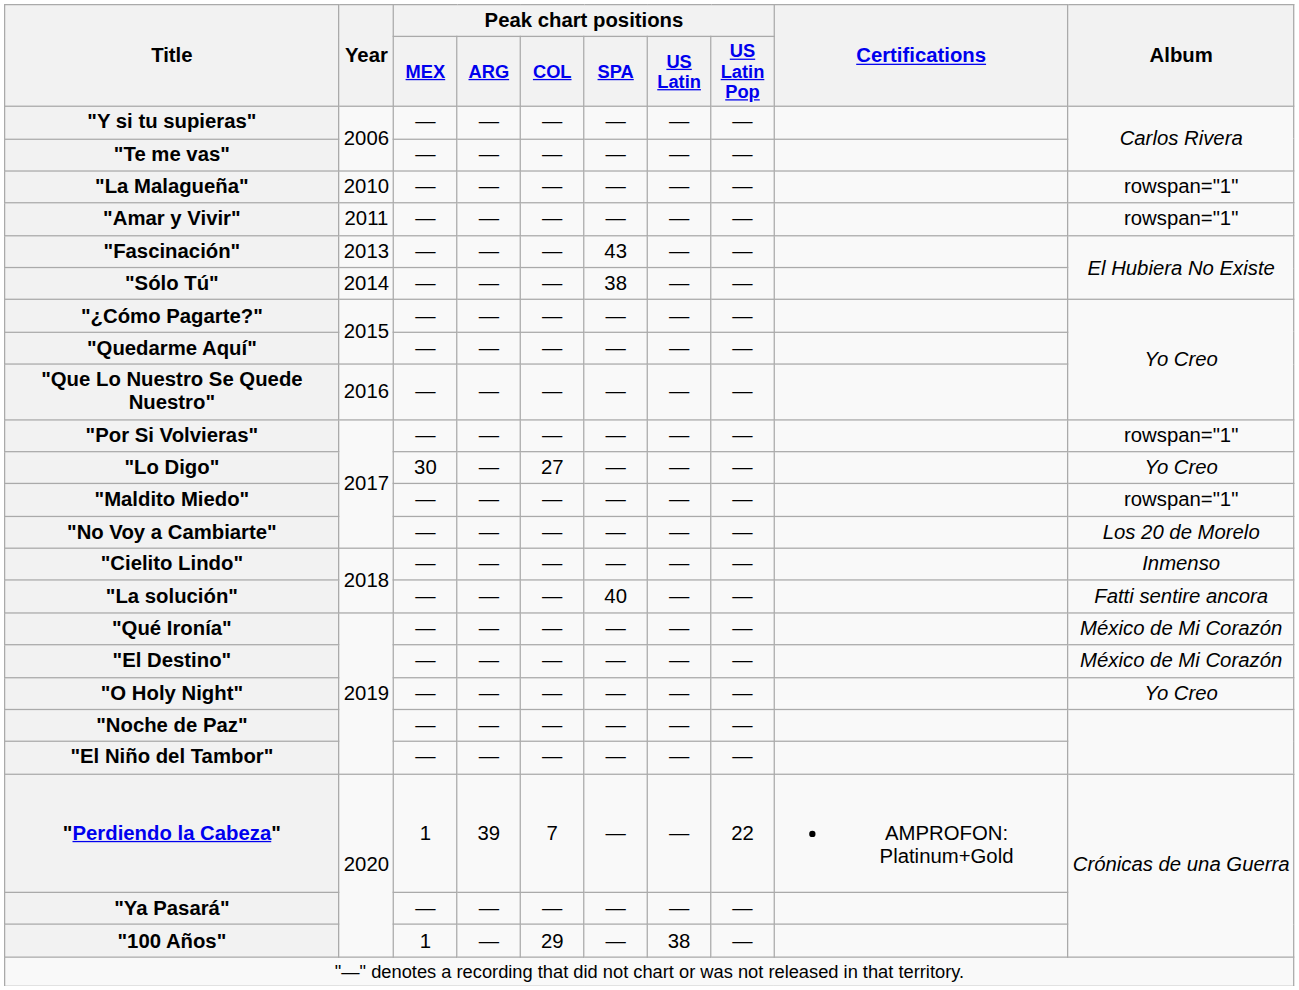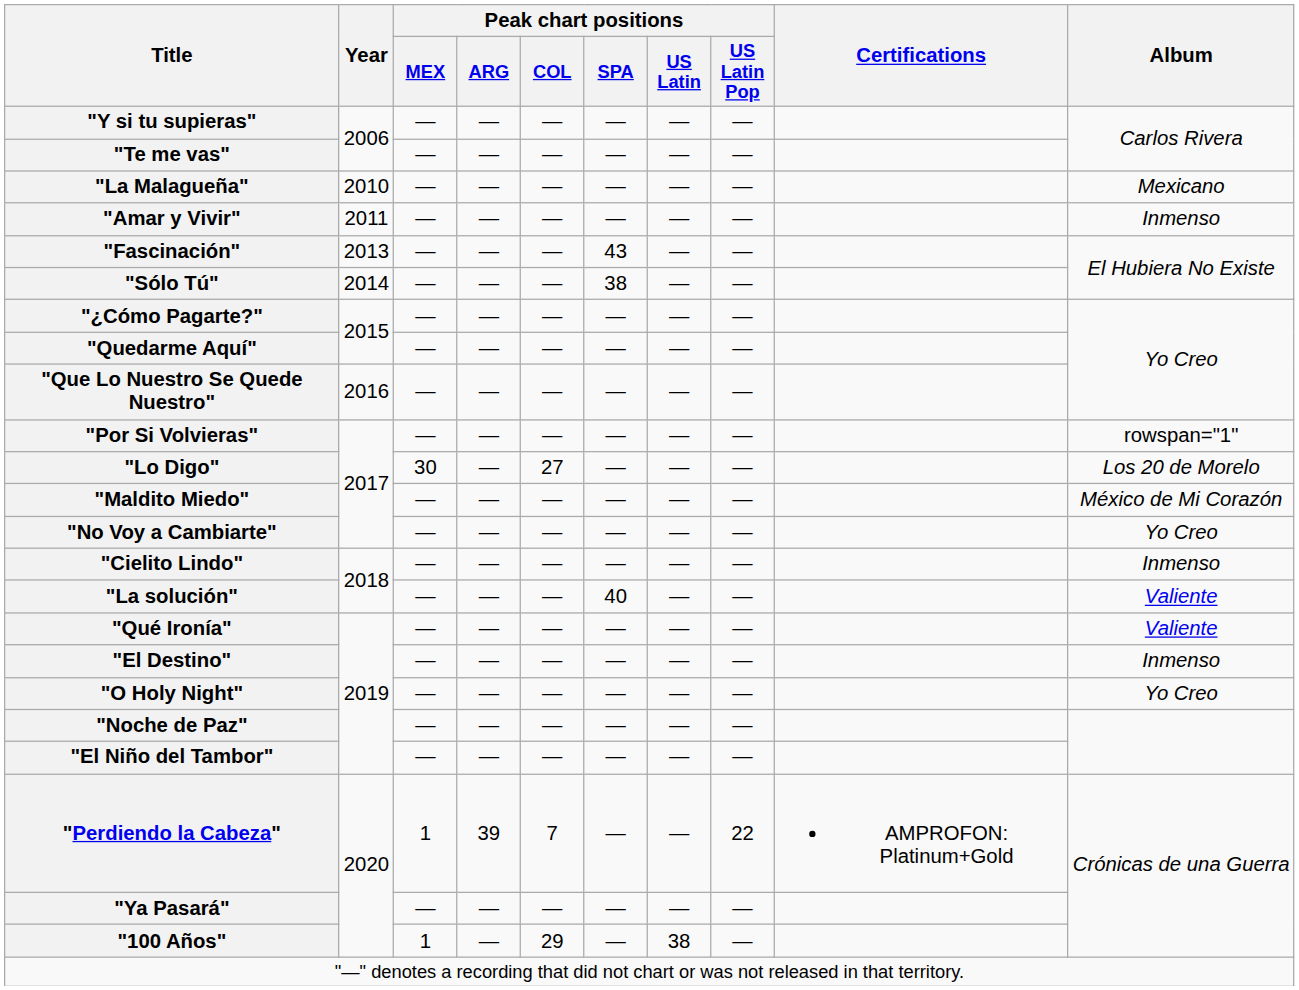 <table class="wikitable plainrowheaders" style="text-align:center;">
 <tr>
 <th scope="col" rowspan="2" style="width:16em;">Title</th>
 <th scope="col" rowspan="2">Year</th>
 <th scope="col" colspan="6">Peak chart positions</th>
 <th scope="col" rowspan="2" style="width:14em;"><a href='#'>Certifications</a></th>
 <th scope="col" rowspan="2">Album</th>
 </tr>
 <tr>
 <th scope="col" style="width:3em;font-size:90%;"><a href='#'>MEX</a></th>
 <th scope="col" style="width:3em;font-size:90%;"><a href='#'>ARG</a></th>
 <th scope="col" style="width:3em;font-size:90%;"><a href='#'>COL</a><br></th>
 <th scope="col" style="width:3em;font-size:90%;"><a href='#'>SPA</a></th>
 <th scope="col" style="width:3em;font-size:90%;"><a href='#'>US<br>Latin</a></th>
 <th scope="col" style="width:3em;font-size:90%;"><a href='#'>US<br>Latin<br>Pop</a></th>
 </tr>
 <tr>
 <th scope="row">"Y si tu supieras"</th>
 <td rowspan="2">2006</td>
 <td>—</td>
 <td>—</td>
 <td>—</td>
 <td>—</td>
 <td>—</td>
 <td>—</td>
 <td></td>
 <td rowspan="2"><em>Carlos Rivera</em></td>
 </tr>
 <tr>
 <th scope="row">"Te me vas"</th>
 <td>—</td>
 <td>—</td>
 <td>—</td>
 <td>—</td>
 <td>—</td>
 <td>—</td>
 <td></td>
 </tr>
 <tr>
 <th scope="row">"La Malagueña"</th>
 <td rowspan="1">2010</td>
 <td>—</td>
 <td>—</td>
 <td>—</td>
 <td>—</td>
 <td>—</td>
 <td>—</td>
 <td></td>
-<td>rowspan="1" </td>
+<td rowspan="1"><em>Mexicano</em></td>
 </tr>
 <tr>
 <th scope="row">"Amar y Vivir"</th>
 <td rowspan="1">2011</td>
 <td>—</td>
 <td>—</td>
 <td>—</td>
 <td>—</td>
 <td>—</td>
 <td>—</td>
 <td></td>
-<td>rowspan="1" </td>
+<td rowspan="1"><em>Inmenso</em></td>
 </tr>
 <tr>
 <th scope="row">"Fascinación"</th>
 <td rowspan="1">2013</td>
 <td>—</td>
 <td>—</td>
 <td>—</td>
 <td>43</td>
 <td>—</td>
 <td>—</td>
 <td></td>
 <td rowspan="2"><em>El Hubiera No Existe</em></td>
 </tr>
 <tr>
 <th scope="row">"Sólo Tú"</th>
 <td rowspan="1">2014</td>
 <td>—</td>
 <td>—</td>
 <td>—</td>
 <td>38</td>
 <td>—</td>
 <td>—</td>
 <td></td>
 </tr>
 <tr>
 <th scope="row">"¿Cómo Pagarte?"</th>
 <td rowspan="2">2015</td>
 <td>—</td>
 <td>—</td>
 <td>—</td>
 <td>—</td>
 <td>—</td>
 <td>—</td>
 <td></td>
 <td rowspan="3"><em>Yo Creo</em></td>
 </tr>
 <tr>
 <th scope="row">"Quedarme Aquí"</th>
 <td>—</td>
 <td>—</td>
 <td>—</td>
 <td>—</td>
 <td>—</td>
 <td>—</td>
 <td></td>
 </tr>
 <tr>
 <th scope="row">"Que Lo Nuestro Se Quede Nuestro"</th>
 <td rowspan="1">2016</td>
 <td>—</td>
 <td>—</td>
 <td>—</td>
 <td>—</td>
 <td>—</td>
 <td>—</td>
 <td></td>
 </tr>
 <tr>
 <th scope="row">"Por Si Volvieras"<br></th>
 <td rowspan="4">2017</td>
 <td>—</td>
 <td>—</td>
 <td>—</td>
 <td>—</td>
 <td>—</td>
 <td>—</td>
 <td></td>
 <td>rowspan="1" </td>
 </tr>
 <tr>
 <th scope="row">"Lo Digo"<br></th>
 <td>30</td>
 <td>—</td>
 <td>27</td>
 <td>—</td>
 <td>—</td>
 <td>—</td>
 <td></td>
-<td rowspan="1"><em>Yo Creo</em></td>
+<td rowspan="1"><em>Los 20 de Morelo</em></td>
 </tr>
 <tr>
 <th scope="row">"Maldito Miedo"<br></th>
 <td>—</td>
 <td>—</td>
 <td>—</td>
 <td>—</td>
 <td>—</td>
 <td>—</td>
 <td></td>
-<td>rowspan="1" </td>
+<td rowspan="1"><em>México de Mi Corazón</em></td>
 </tr>
 <tr>
 <th scope="row">"No Voy a Cambiarte"<br></th>
 <td>—</td>
 <td>—</td>
 <td>—</td>
 <td>—</td>
 <td>—</td>
 <td>—</td>
 <td></td>
-<td rowspan="1"><em>Los 20 de Morelo</em></td>
+<td rowspan="1"><em>Yo Creo</em></td>
 </tr>
 <tr>
 <th scope="row">"Cielito Lindo"</th>
 <td rowspan="2">2018</td>
 <td>—</td>
 <td>—</td>
 <td>—</td>
 <td>—</td>
 <td>—</td>
 <td>—</td>
 <td></td>
 <td rowspan="1"><em>Inmenso</em></td>
 </tr>
 <tr>
 <th scope="row">"La solución"<br></th>
 <td>—</td>
 <td>—</td>
 <td>—</td>
 <td>40</td>
 <td>—</td>
 <td>—</td>
 <td></td>
-<td rowspan="1"><em>Fatti sentire ancora</em></td>
+<td rowspan="1"><em><a href='#'>Valiente</a></em></td>
 </tr>
 <tr>
 <th scope="row">"Qué Ironía"<br></th>
 <td rowspan="5">2019</td>
 <td>—</td>
 <td>—</td>
 <td>—</td>
 <td>—</td>
 <td>—</td>
 <td>—</td>
 <td></td>
-<td rowspan="1"><em>México de Mi Corazón</em></td>
+<td rowspan="1"><em><a href='#'>Valiente</a></em></td>
 </tr>
 <tr>
 <th scope="row">"El Destino"<br></th>
 <td>—</td>
 <td>—</td>
 <td>—</td>
 <td>—</td>
 <td>—</td>
 <td>—</td>
 <td></td>
-<td rowspan="1"><em>México de Mi Corazón</em></td>
+<td rowspan="1"><em>Inmenso</em></td>
 </tr>
 <tr>
 <th scope="row">"O Holy Night"<br></th>
 <td>—</td>
 <td>—</td>
 <td>—</td>
 <td>—</td>
 <td>—</td>
 <td>—</td>
 <td></td>
 <td rowspan="1"><em>Yo Creo</em></td>
 </tr>
 <tr>
 <th scope="row">"Noche de Paz"<br></th>
 <td>—</td>
 <td>—</td>
 <td>—</td>
 <td>—</td>
 <td>—</td>
 <td>—</td>
 <td></td>
 </tr>
 <tr>
 <th scope="row">"El Niño del Tambor"</th>
 <td>—</td>
 <td>—</td>
 <td>—</td>
 <td>—</td>
 <td>—</td>
 <td>—</td>
 <td></td>
 </tr>
 <tr>
 <th scope="row">"<a href='#'>Perdiendo la Cabeza</a>"<br></th>
 <td rowspan="3">2020</td>
 <td>1</td>
 <td>39</td>
 <td>7</td>
 <td>—</td>
 <td>—</td>
 <td>22</td>
 <td><br><ul><li>AMPROFON: Platinum+Gold</li></ul></td>
 <td rowspan="3"><em>Crónicas de una Guerra</em></td>
 </tr>
 <tr>
 <th scope="row">"Ya Pasará"</th>
 <td>—</td>
 <td>—</td>
 <td>—</td>
 <td>—</td>
 <td>—</td>
 <td>—</td>
 <td></td>
 </tr>
 <tr>
 <th scope="row">"100 Años"<br></th>
 <td>1</td>
 <td>—</td>
 <td>29</td>
 <td>—</td>
 <td>38</td>
 <td>—</td>
 <td></td>
 </tr>
 <tr>
 <td colspan="15" style="font-size:90%">"—" denotes a recording that did not chart or was not released in that territory.</td>
 </tr>
 </table>
